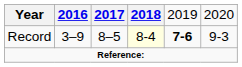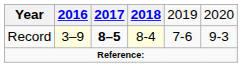 <table class="wikitable" style="text-align: center">
 <tr align=center>
 <th>Year</th>
 <th><a href='#'>2016</a></th>
 <th><a href='#'>2017</a></th>
 <th><a href='#'>2018</a></th>
 <td>2019</td>
 <td>2020</td>
 </tr>
 <tr align=center>
 <td>Record</td>
-<td>3–9</td>
-<td>8–5</td>
+<td style="background: lightyellow;">3–9</td>
+<td><strong>8–5</strong></td>
 <td style="background: lightyellow;">8-4</td>
-<td><strong>7-6</strong></td>
+<td>7-6</td>
 <td>9-3</td>
 </tr>
 <tr align=center>
 <td colspan="8"  style="font-size:8pt; text-align:center;"><strong>Reference:</strong></td>
 </tr>
 </table>
